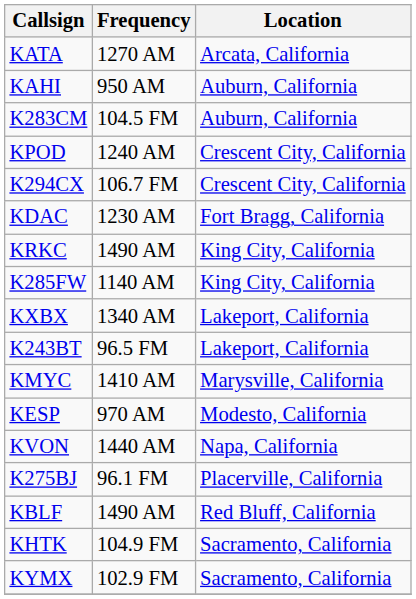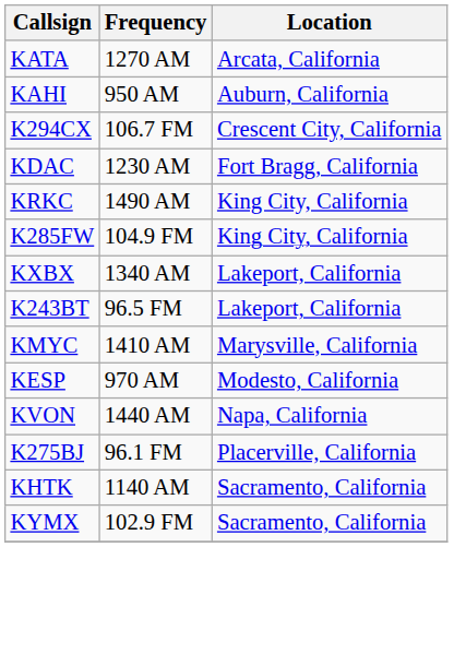 <table class="wikitable">
 <tr>
 <th>Callsign</th>
 <th>Frequency</th>
 <th>Location</th>
 </tr>
 <tr>
 <td><a href='#'>KATA</a></td>
 <td>1270 AM</td>
 <td><a href='#'>Arcata, California</a></td>
 </tr>
 <tr>
 <td><a href='#'>KAHI</a></td>
 <td>950 AM</td>
 <td><a href='#'>Auburn, California</a></td>
-</tr>
-<tr>
-<td><a href='#'>K283CM</a></td>
-<td>104.5 FM</td>
-<td><a href='#'>Auburn, California</a></td>
-</tr>
-<tr>
-<td><a href='#'>KPOD</a></td>
-<td>1240 AM</td>
-<td><a href='#'>Crescent City, California</a></td>
 </tr>
 <tr>
 <td><a href='#'>K294CX</a></td>
 <td>106.7 FM</td>
 <td><a href='#'>Crescent City, California</a></td>
 </tr>
 <tr>
 <td><a href='#'>KDAC</a></td>
 <td>1230 AM</td>
 <td><a href='#'>Fort Bragg, California</a></td>
 </tr>
 <tr>
 <td><a href='#'>KRKC</a></td>
 <td>1490 AM</td>
 <td><a href='#'>King City, California</a></td>
 </tr>
 <tr>
 <td><a href='#'>K285FW</a></td>
-<td>1140 AM</td>
+<td>104.9 FM</td>
 <td><a href='#'>King City, California</a></td>
 </tr>
 <tr>
 <td><a href='#'>KXBX</a></td>
 <td>1340 AM</td>
 <td><a href='#'>Lakeport, California</a></td>
 </tr>
 <tr>
 <td><a href='#'>K243BT</a></td>
 <td>96.5 FM</td>
 <td><a href='#'>Lakeport, California</a></td>
 </tr>
 <tr>
 <td><a href='#'>KMYC</a></td>
 <td>1410 AM</td>
 <td><a href='#'>Marysville, California</a></td>
 </tr>
 <tr>
 <td><a href='#'>KESP</a></td>
 <td>970 AM</td>
 <td><a href='#'>Modesto, California</a></td>
 </tr>
 <tr>
 <td><a href='#'>KVON</a></td>
 <td>1440 AM</td>
 <td><a href='#'>Napa, California</a></td>
 </tr>
 <tr>
 <td><a href='#'>K275BJ</a></td>
 <td>96.1 FM</td>
 <td><a href='#'>Placerville, California</a></td>
 </tr>
 <tr>
-<td><a href='#'>KBLF</a></td>
-<td>1490 AM</td>
-<td><a href='#'>Red Bluff, California</a></td>
-</tr>
-<tr>
 <td><a href='#'>KHTK</a></td>
-<td>104.9 FM</td>
+<td>1140 AM</td>
 <td><a href='#'>Sacramento, California</a></td>
 </tr>
 <tr>
 <td><a href='#'>KYMX</a></td>
 <td>102.9 FM</td>
 <td><a href='#'>Sacramento, California</a></td>
 </tr>
 <tr>
 </tr>
 </table>
